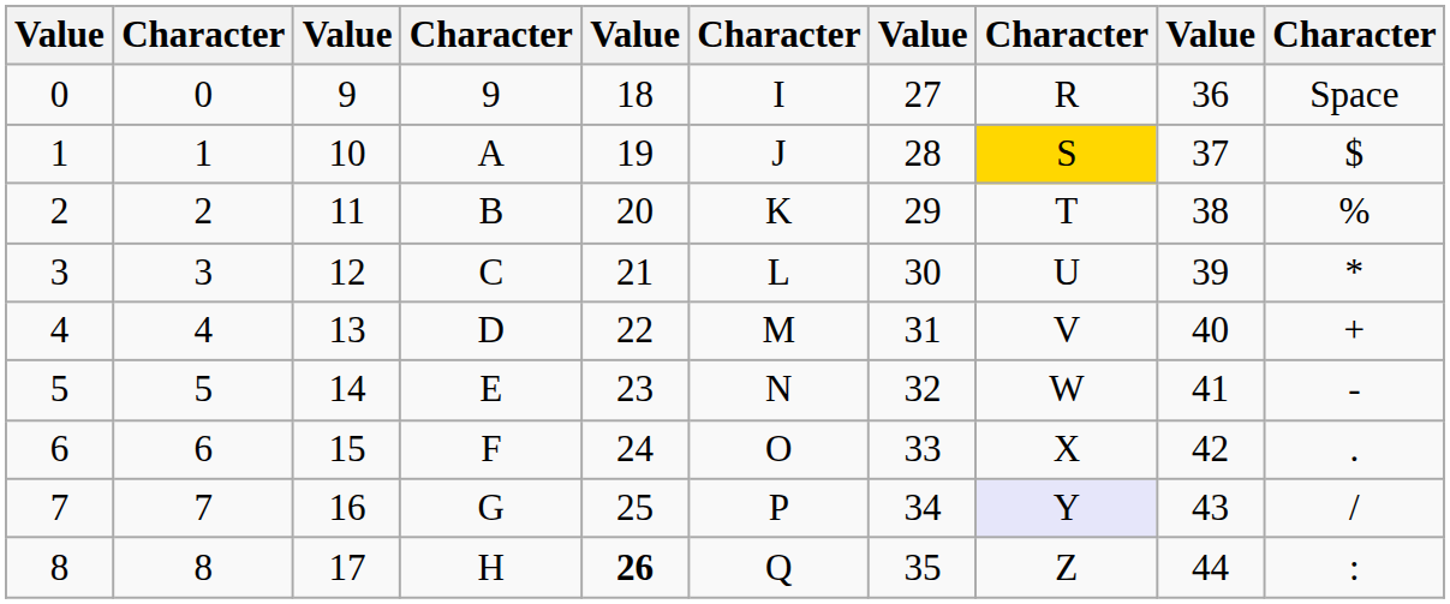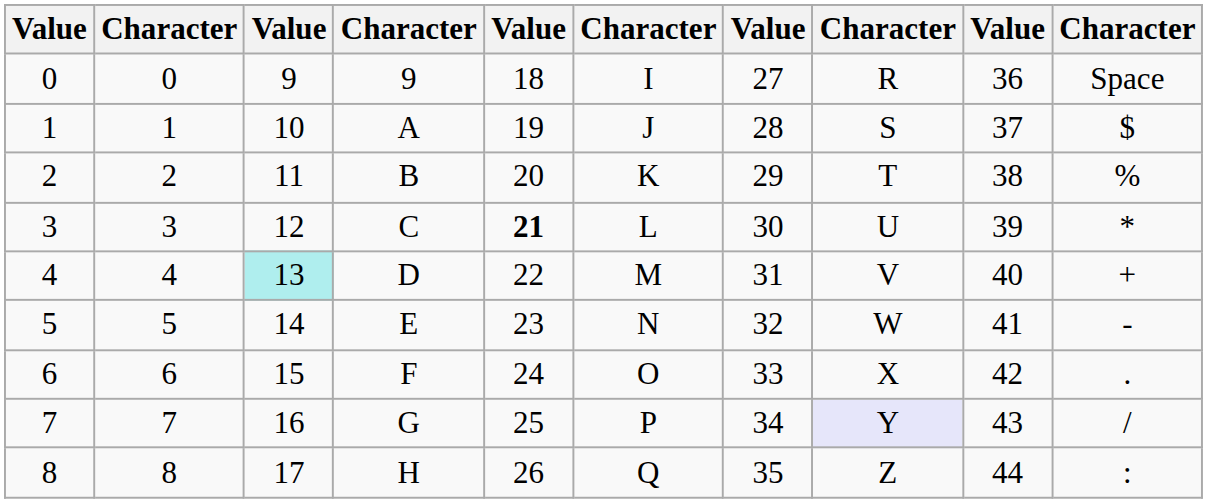 <table class="wikitable" border="1" style="text-align:center">
 <tr>
 <th>Value</th>
 <th>Character</th>
 <th>Value</th>
 <th>Character</th>
 <th>Value</th>
 <th>Character</th>
 <th>Value</th>
 <th>Character</th>
 <th>Value</th>
 <th>Character</th>
 </tr>
 <tr>
 <td>0</td>
 <td>0</td>
 <td>9</td>
 <td>9</td>
 <td>18</td>
 <td>I</td>
 <td>27</td>
 <td>R</td>
 <td>36</td>
 <td>Space</td>
 </tr>
 <tr>
 <td>1</td>
 <td>1</td>
 <td>10</td>
 <td>A</td>
 <td>19</td>
 <td>J</td>
 <td>28</td>
-<td style="background: gold;">S</td>
+<td>S</td>
 <td>37</td>
 <td>$</td>
 </tr>
 <tr>
 <td>2</td>
 <td>2</td>
 <td>11</td>
 <td>B</td>
 <td>20</td>
 <td>K</td>
 <td>29</td>
 <td>T</td>
 <td>38</td>
 <td>%</td>
 </tr>
 <tr>
 <td>3</td>
 <td>3</td>
 <td>12</td>
 <td>C</td>
-<td>21</td>
+<td><strong>21</strong></td>
 <td>L</td>
 <td>30</td>
 <td>U</td>
 <td>39</td>
 <td>*</td>
 </tr>
 <tr>
 <td>4</td>
 <td>4</td>
-<td>13</td>
+<td style="background: paleturquoise;">13</td>
 <td>D</td>
 <td>22</td>
 <td>M</td>
 <td>31</td>
 <td>V</td>
 <td>40</td>
 <td>+</td>
 </tr>
 <tr>
 <td>5</td>
 <td>5</td>
 <td>14</td>
 <td>E</td>
 <td>23</td>
 <td>N</td>
 <td>32</td>
 <td>W</td>
 <td>41</td>
 <td>-</td>
 </tr>
 <tr>
 <td>6</td>
 <td>6</td>
 <td>15</td>
 <td>F</td>
 <td>24</td>
 <td>O</td>
 <td>33</td>
 <td>X</td>
 <td>42</td>
 <td>.</td>
 </tr>
 <tr>
 <td>7</td>
 <td>7</td>
 <td>16</td>
 <td>G</td>
 <td>25</td>
 <td>P</td>
 <td>34</td>
 <td style="background: lavender;">Y</td>
 <td>43</td>
 <td>/</td>
 </tr>
 <tr>
 <td>8</td>
 <td>8</td>
 <td>17</td>
 <td>H</td>
-<td><strong>26</strong></td>
+<td>26</td>
 <td>Q</td>
 <td>35</td>
 <td>Z</td>
 <td>44</td>
 <td>:</td>
 </tr>
 </table>
